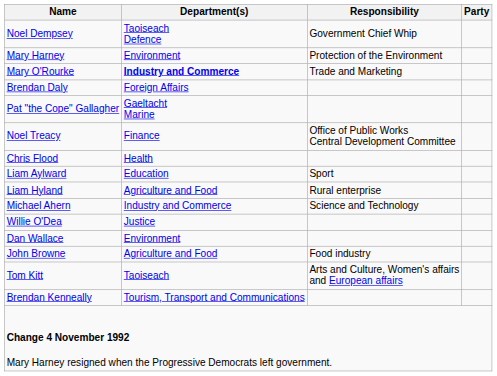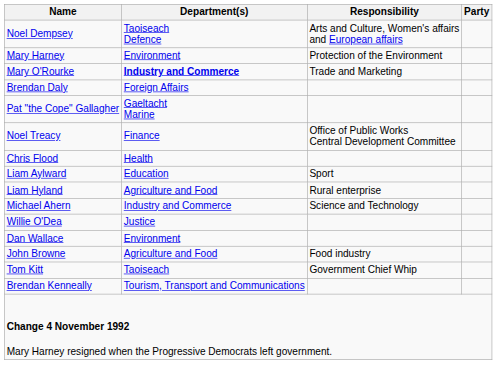 <table class="wikitable">
 <tr>
 <th>Name</th>
 <th>Department(s)</th>
 <th>Responsibility</th>
 <th colspan="2">Party</th>
 </tr>
 <tr>
 <td><a href='#'>Noel Dempsey</a></td>
 <td><a href='#'>Taoiseach</a><br><a href='#'>Defence</a></td>
-<td>Government Chief Whip</td>
+<td>Arts and Culture, Women's affairs<br>and <a href='#'>European affairs</a></td>
 <td></td>
 </tr>
 <tr>
 <td><a href='#'>Mary Harney</a></td>
 <td><a href='#'>Environment</a></td>
 <td>Protection of the Environment</td>
 <td></td>
 </tr>
 <tr>
 <td><a href='#'>Mary O'Rourke</a></td>
 <td><strong><a href='#'>Industry and Commerce</a></strong></td>
 <td>Trade and Marketing</td>
 <td></td>
 </tr>
 <tr>
 <td><a href='#'>Brendan Daly</a></td>
 <td><a href='#'>Foreign Affairs</a></td>
 <td></td>
 <td></td>
 </tr>
 <tr>
 <td><a href='#'>Pat "the Cope" Gallagher</a></td>
 <td><a href='#'>Gaeltacht</a><br><a href='#'>Marine</a></td>
 <td></td>
 <td></td>
 </tr>
 <tr>
 <td><a href='#'>Noel Treacy</a></td>
 <td><a href='#'>Finance</a></td>
 <td>Office of Public Works<br>Central Development Committee</td>
 <td></td>
 </tr>
 <tr>
 <td><a href='#'>Chris Flood</a></td>
 <td><a href='#'>Health</a></td>
 <td></td>
 <td></td>
 </tr>
 <tr>
 <td><a href='#'>Liam Aylward</a></td>
 <td><a href='#'>Education</a></td>
 <td>Sport</td>
 <td></td>
 </tr>
 <tr>
 <td><a href='#'>Liam Hyland</a></td>
 <td><a href='#'>Agriculture and Food</a></td>
 <td>Rural enterprise</td>
 <td></td>
 </tr>
 <tr>
 <td><a href='#'>Michael Ahern</a></td>
 <td><a href='#'>Industry and Commerce</a></td>
 <td>Science and Technology</td>
 <td></td>
 </tr>
 <tr>
 <td><a href='#'>Willie O'Dea</a></td>
 <td><a href='#'>Justice</a></td>
 <td></td>
 <td></td>
 </tr>
 <tr>
 <td><a href='#'>Dan Wallace</a></td>
 <td><a href='#'>Environment</a></td>
 <td></td>
 <td></td>
 </tr>
 <tr>
 <td><a href='#'>John Browne</a></td>
 <td><a href='#'>Agriculture and Food</a></td>
 <td>Food industry</td>
 <td></td>
 </tr>
 <tr>
 <td><a href='#'>Tom Kitt</a></td>
 <td><a href='#'>Taoiseach</a></td>
-<td>Arts and Culture, Women's affairs<br>and <a href='#'>European affairs</a></td>
+<td>Government Chief Whip</td>
 <td></td>
 </tr>
 <tr>
 <td><a href='#'>Brendan Kenneally</a></td>
 <td><a href='#'>Tourism, Transport and Communications</a></td>
 <td></td>
 <td></td>
 </tr>
 <tr>
 <td colspan="5"><br><h4>Change 4 November 1992</h4>Mary Harney resigned when the Progressive Democrats left government.</td>
 </tr>
 </table>
